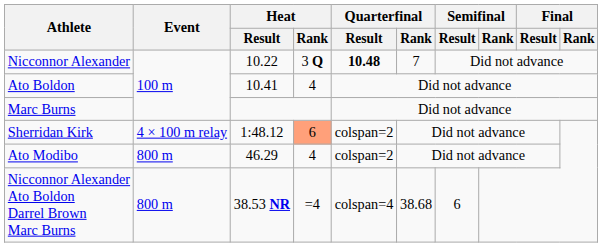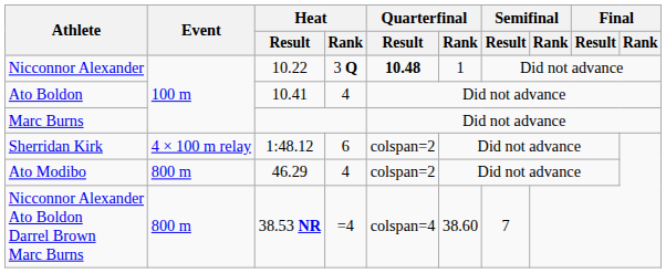 <table class=wikitable style="font-size:90%">
 <tr>
 <th rowspan="2">Athlete</th>
 <th rowspan="2">Event</th>
 <th colspan="2">Heat</th>
 <th colspan="2">Quarterfinal</th>
 <th colspan="2">Semifinal</th>
 <th colspan="2">Final</th>
 </tr>
 <tr style="font-size:95%">
 <th>Result</th>
 <th>Rank</th>
 <th>Result</th>
 <th>Rank</th>
 <th>Result</th>
 <th>Rank</th>
 <th>Result</th>
 <th>Rank</th>
 </tr>
 <tr align=center>
 <td align=left><a href='#'>Nicconnor Alexander</a></td>
 <td align=left rowspan=3><a href='#'>100 m</a></td>
 <td>10.22</td>
 <td>3 <strong>Q</strong></td>
 <td><strong>10.48</strong></td>
-<td>7</td>
+<td>1</td>
 <td colspan=4>Did not advance</td>
 </tr>
 <tr align=center>
 <td align=left><a href='#'>Ato Boldon</a></td>
 <td>10.41</td>
 <td>4</td>
 <td colspan=6>Did not advance</td>
 </tr>
 <tr align=center>
 <td align=left><a href='#'>Marc Burns</a></td>
 <td colspan=2></td>
 <td colspan=6>Did not advance</td>
 </tr>
 <tr align=center>
 <td align=left><a href='#'>Sherridan Kirk</a></td>
 <td align=left><a href='#'>4 × 100 m relay</a></td>
 <td>1:48.12</td>
-<td style="background: lightsalmon;">6</td>
+<td>6</td>
 <td>colspan=2 </td>
 <td colspan=4>Did not advance</td>
 </tr>
 <tr align=center>
 <td align=left><a href='#'>Ato Modibo</a></td>
 <td align=left><a href='#'>800 m</a></td>
 <td>46.29</td>
 <td>4</td>
 <td>colspan=2 </td>
 <td colspan=4>Did not advance</td>
 </tr>
 <tr align=center>
 <td align=left><a href='#'>Nicconnor Alexander</a><br><a href='#'>Ato Boldon</a><br><a href='#'>Darrel Brown</a><br><a href='#'>Marc Burns</a></td>
 <td align=left><a href='#'>800 m</a></td>
 <td>38.53 <strong><a href='#'>NR</a></strong></td>
 <td>=4</td>
 <td>colspan=4 </td>
-<td>38.68</td>
-<td>6</td>
+<td>38.60</td>
+<td>7</td>
 </tr>
 </table>
